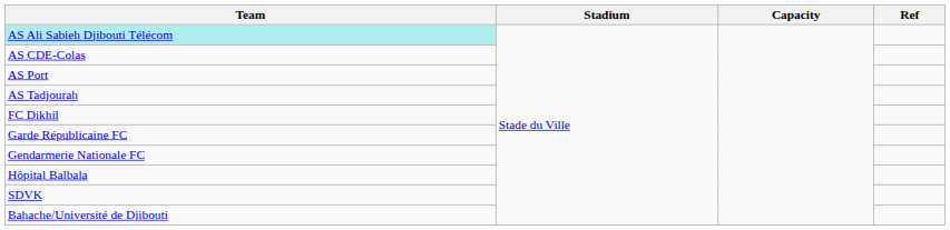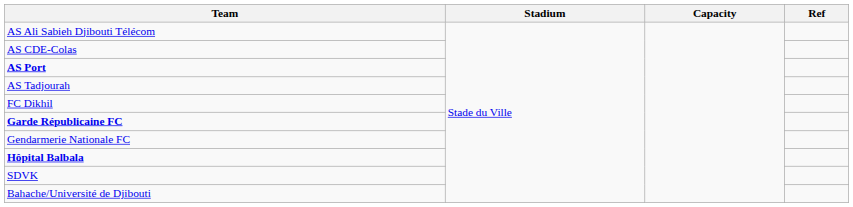 <table class="wikitable sortable" style="text-align:left; width:60%;">
 <tr>
 <th>Team</th>
 <th class=unsortable>Stadium</th>
 <th class=unsortable>Capacity</th>
 <th class=unsortable>Ref</th>
 </tr>
 <tr>
-<td style="background: paleturquoise;"><a href='#'>AS Ali Sabieh Djibouti Télécom</a></td>
+<td><a href='#'>AS Ali Sabieh Djibouti Télécom</a></td>
 <td rowspan=10><a href='#'>Stade du Ville</a></td>
 <td align="center" rowspan=10></td>
 <td></td>
 </tr>
 <tr>
 <td><a href='#'>AS CDE-Colas</a></td>
 <td></td>
 </tr>
 <tr>
-<td><a href='#'>AS Port</a></td>
+<td><strong><a href='#'>AS Port</a></strong></td>
 <td></td>
 </tr>
 <tr>
 <td><a href='#'>AS Tadjourah</a></td>
 <td></td>
 </tr>
 <tr>
 <td><a href='#'>FC Dikhil</a></td>
 <td></td>
 </tr>
 <tr>
-<td><a href='#'>Garde Républicaine FC</a></td>
+<td><strong><a href='#'>Garde Républicaine FC</a></strong></td>
 <td></td>
 </tr>
 <tr>
 <td><a href='#'>Gendarmerie Nationale FC</a></td>
 <td></td>
 </tr>
 <tr>
-<td><a href='#'>Hôpital Balbala</a></td>
+<td><strong><a href='#'>Hôpital Balbala</a></strong></td>
 <td></td>
 </tr>
 <tr>
 <td><a href='#'>SDVK</a></td>
 <td></td>
 </tr>
 <tr>
 <td><a href='#'>Bahache/Université de Djibouti</a></td>
 <td></td>
 </tr>
 </table>
